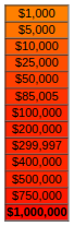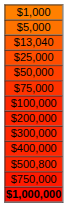 <table border=1 cellspacing=0 cellpadding =1 width=75px|->
 <tr>
 <td bgcolor="#FF8000" align=center><span>$1,000</span></td>
 </tr>
 <tr>
 <td bgcolor="#FF7300" align=center><span>$5,000</span></td>
 </tr>
 <tr>
-<td bgcolor="#FF5900" align=center><span>$10,000</span></td>
+<td bgcolor="#FF5900" align=center><span>$13,040</span></td>
 </tr>
 <tr>
 <td bgcolor="#FF4D00" align=center><span>$25,000</span></td>
 </tr>
 <tr>
 <td bgcolor="#FF4000" align=center><span>$50,000</span></td>
 </tr>
 <tr>
-<td bgcolor="#FF3300" align=center><span>$85,005</span></td>
+<td bgcolor="#FF3300" align=center><span>$75,000</span></td>
 </tr>
 <tr>
 <td bgcolor="#FF2600" align=center><span>$100,000</span></td>
 </tr>
 <tr>
 <td bgcolor="#FF2600" align=center><span>$200,000</span></td>
 </tr>
 <tr>
-<td bgcolor="#FF2600" align=center><span>$299,997</span></td>
+<td bgcolor="#FF2600" align=center><span>$300,000</span></td>
 </tr>
 <tr>
 <td bgcolor="#FF2600" align=center><span>$400,000</span></td>
 </tr>
 <tr>
-<td bgcolor="#FF2600" align=center><span>$500,000</span></td>
+<td bgcolor="#FF2600" align=center><span>$500,800</span></td>
 </tr>
 <tr>
 <td bgcolor="#FF1A00" align=center><span>$750,000</span></td>
 </tr>
 <tr>
 <td bgcolor="#FF0D00" align=center><strong><span>$1,000,000</span></strong></td>
 </tr>
 </table>
